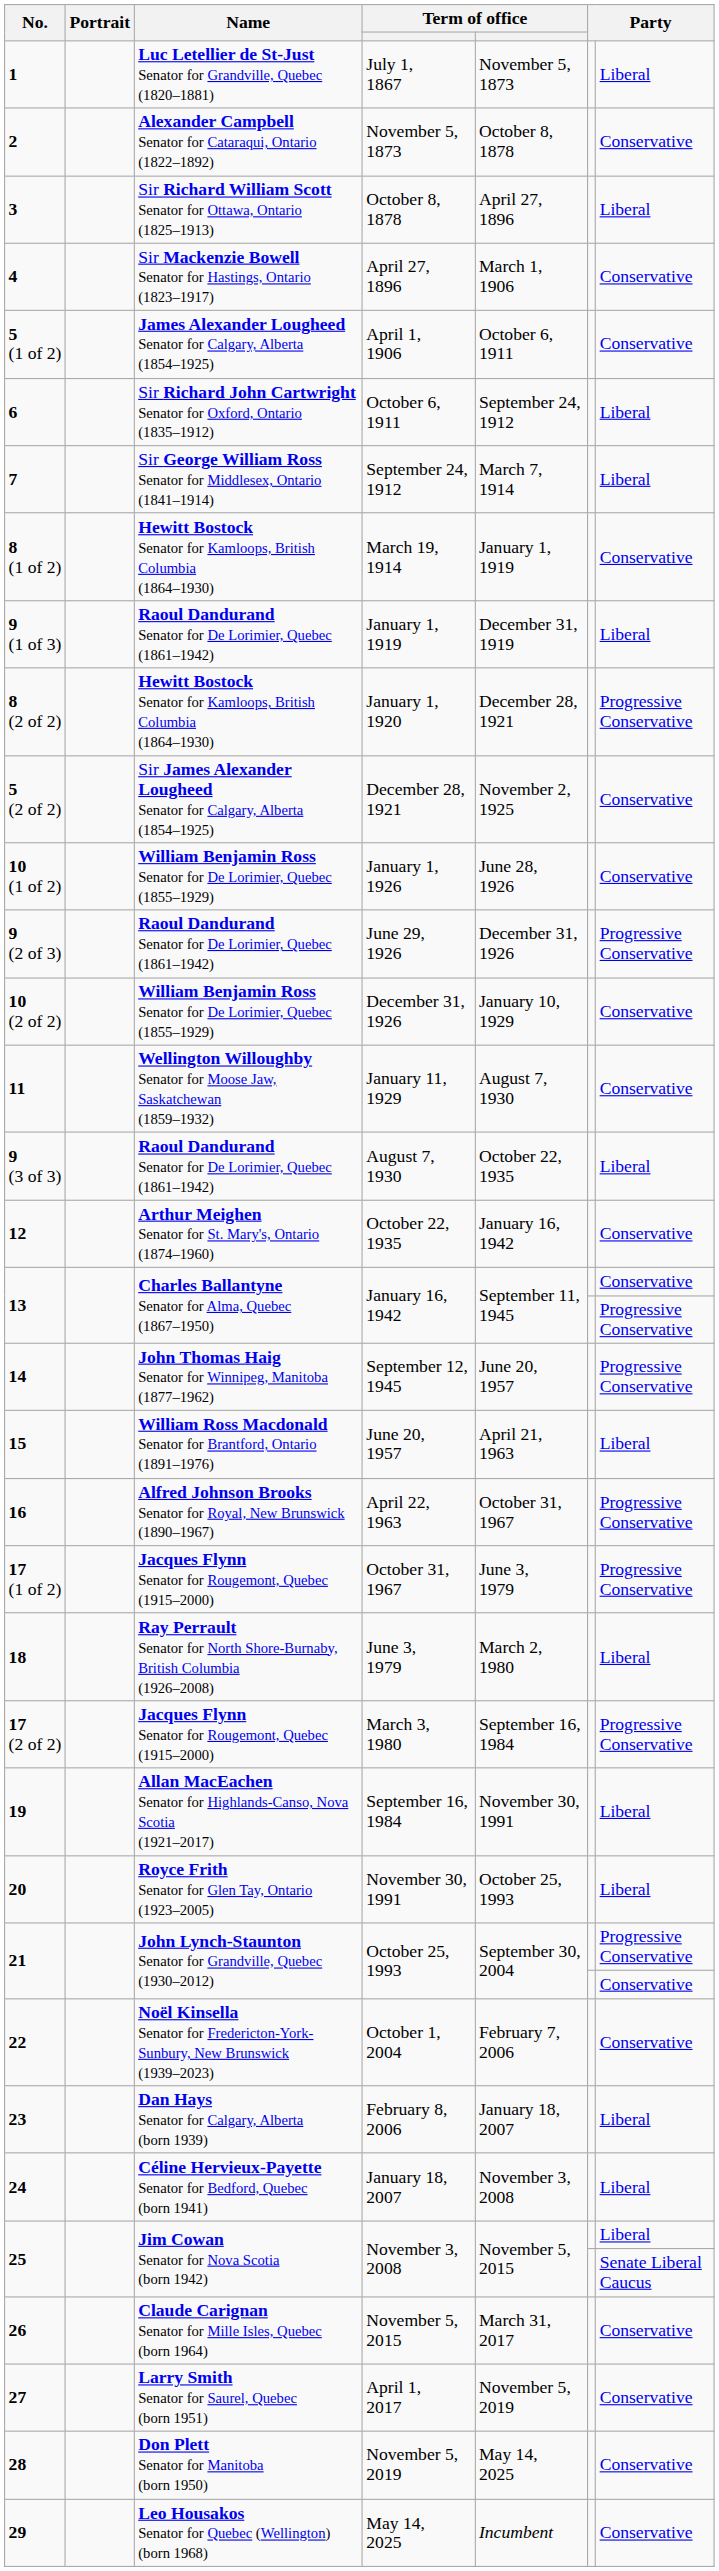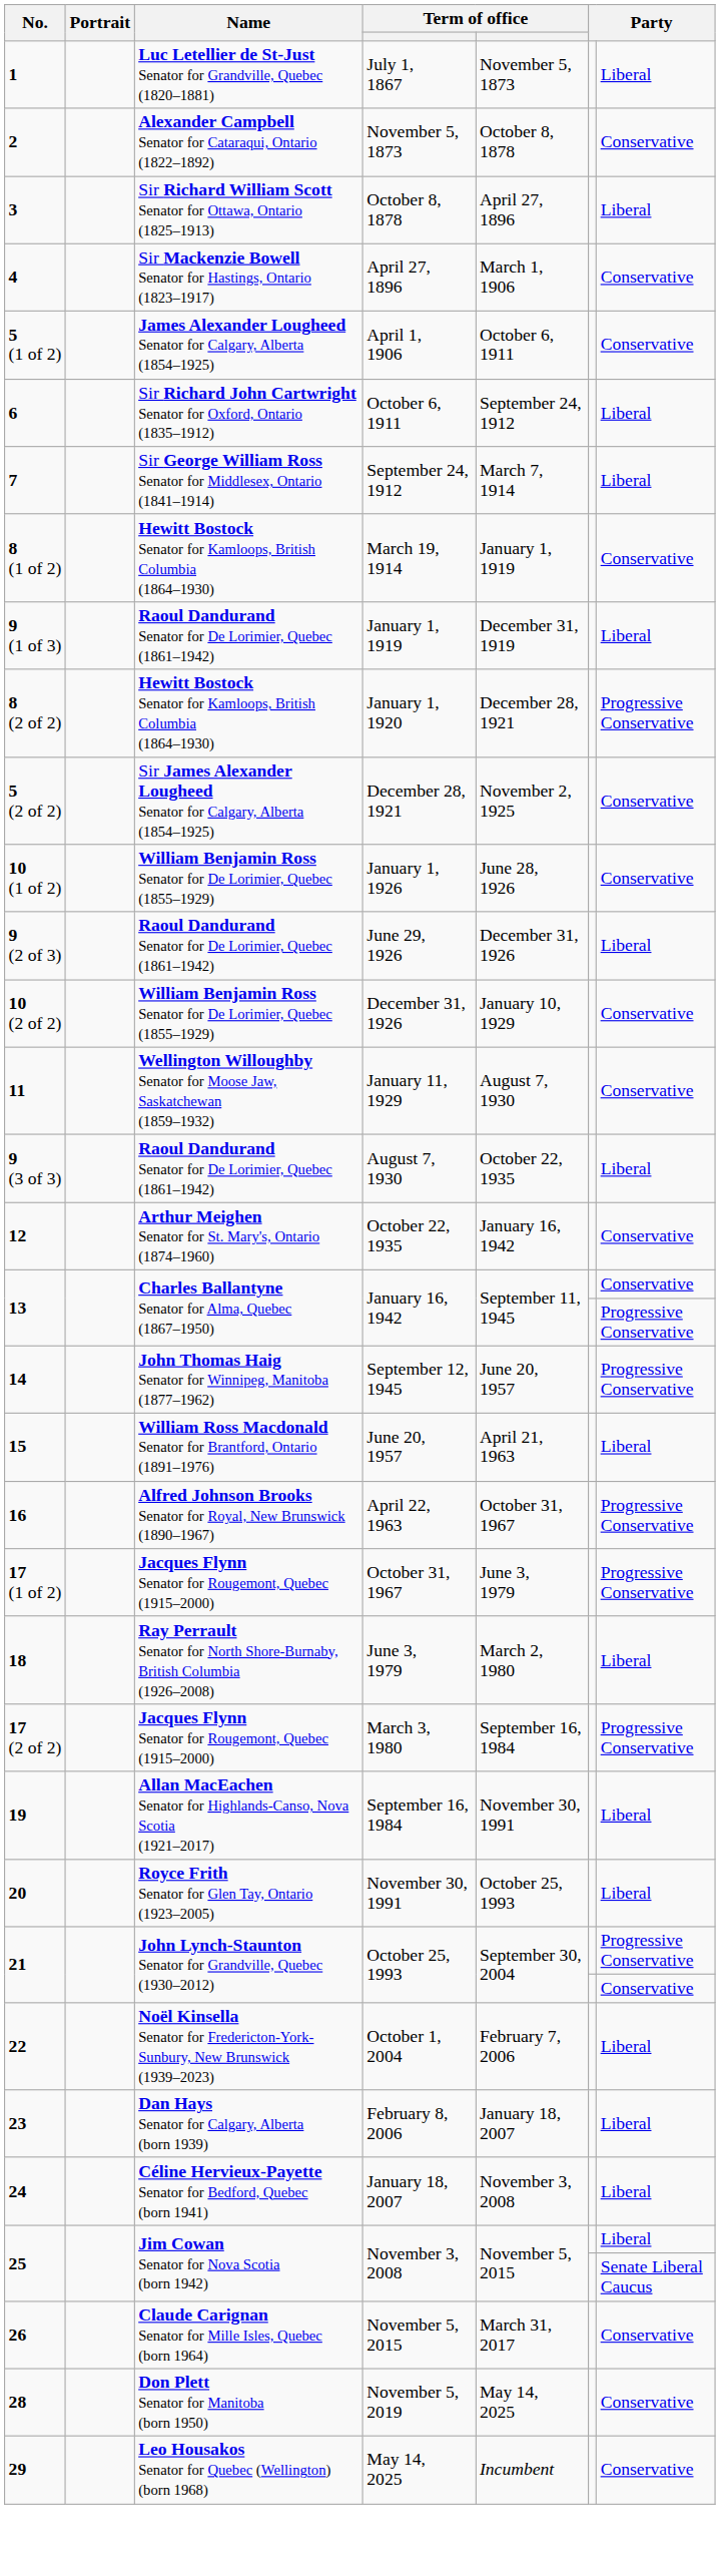 <table class="wikitable sortable sticky-header-multi" style=text-align:left" style="margin:1em auto;">
 <tr>
 <th rowspan="2">No.</th>
 <th rowspan="2">Portrait</th>
 <th rowspan="2" width="200px">Name<br></th>
 <th colspan="2">Term of office</th>
 <th colspan="2" rowspan="2">Party</th>
 </tr>
 <tr>
 <th width="95"></th>
 <th width="95"></th>
 </tr>
 <tr>
 <td><strong>1</strong></td>
 <td></td>
 <td><strong><a href='#'>Luc Letellier de St-Just</a></strong><br><small>Senator for <a href='#'>Grandville, Quebec</a></small><br><small>(1820–1881)</small></td>
 <td>July 1,<br>1867</td>
 <td>November 5,<br>1873</td>
 <td style="background:"></td>
 <td width="100px"><a href='#'>Liberal</a></td>
 </tr>
 <tr>
 <td><strong>2</strong></td>
 <td></td>
 <td><strong><a href='#'>Alexander Campbell</a></strong><br><small>Senator for <a href='#'>Cataraqui, Ontario</a></small><br><small>(1822–1892)</small></td>
 <td>November 5,<br>1873</td>
 <td>October 8,<br>1878</td>
 <td style="background:"></td>
 <td><a href='#'>Conservative</a></td>
 </tr>
 <tr>
 <td><strong>3</strong></td>
 <td></td>
 <td><a href='#'>Sir <strong>Richard William Scott</strong></a><br><small>Senator for <a href='#'>Ottawa, Ontario</a></small><br><small>(1825–1913)</small></td>
 <td>October 8,<br>1878</td>
 <td>April 27,<br>1896</td>
 <td style="background:"></td>
 <td><a href='#'>Liberal</a></td>
 </tr>
 <tr>
 <td><strong>4</strong></td>
 <td></td>
 <td><a href='#'>Sir <strong>Mackenzie Bowell</strong></a><br><small>Senator for <a href='#'>Hastings, Ontario</a></small><br><small>(1823–1917)</small></td>
 <td>April 27,<br>1896</td>
 <td>March 1,<br>1906</td>
 <td style="background:"></td>
 <td><a href='#'>Conservative</a></td>
 </tr>
 <tr>
 <td><strong>5</strong><br>(1 of 2)</td>
 <td></td>
 <td><strong><a href='#'>James Alexander Lougheed</a></strong><br><small>Senator for <a href='#'>Calgary, Alberta</a></small><br><small>(1854–1925)</small></td>
 <td>April 1,<br>1906</td>
 <td>October 6,<br>1911</td>
 <td style="background:"></td>
 <td><a href='#'>Conservative</a></td>
 </tr>
 <tr>
 <td><strong>6</strong></td>
 <td></td>
 <td><a href='#'>Sir <strong>Richard John Cartwright</strong></a><br><small>Senator for <a href='#'>Oxford, Ontario</a></small><br><small>(1835–1912)</small></td>
 <td>October 6,<br>1911</td>
 <td>September 24,<br>1912</td>
 <td style="background:"></td>
 <td><a href='#'>Liberal</a></td>
 </tr>
 <tr>
 <td><strong>7</strong></td>
 <td></td>
 <td><a href='#'>Sir <strong>George William Ross</strong></a><br><small>Senator for <a href='#'>Middlesex, Ontario</a></small><br><small>(1841–1914)</small></td>
 <td>September 24,<br>1912</td>
 <td>March 7,<br>1914</td>
 <td style="background:"></td>
 <td><a href='#'>Liberal</a></td>
 </tr>
 <tr>
 <td><strong>8</strong><br>(1 of 2)</td>
 <td></td>
 <td><strong><a href='#'>Hewitt Bostock</a></strong><br><small>Senator for <a href='#'>Kamloops, British Columbia</a></small><br><small>(1864–1930)</small></td>
 <td>March 19,<br>1914</td>
 <td>January 1,<br>1919</td>
 <td style="background:"></td>
 <td><a href='#'>Conservative</a></td>
 </tr>
 <tr>
 <td><strong>9</strong><br>(1 of 3)</td>
 <td></td>
 <td><strong><a href='#'>Raoul Dandurand</a></strong><br><small>Senator for <a href='#'>De Lorimier, Quebec</a></small><br><small>(1861–1942)</small></td>
 <td>January 1,<br>1919</td>
 <td>December 31,<br>1919</td>
 <td style="background:"></td>
 <td><a href='#'>Liberal</a></td>
 </tr>
 <tr>
 <td><strong>8</strong><br>(2 of 2)</td>
 <td></td>
 <td><strong><a href='#'>Hewitt Bostock</a></strong><br><small>Senator for <a href='#'>Kamloops, British Columbia</a></small><br><small>(1864–1930)</small></td>
 <td>January 1,<br>1920</td>
 <td>December 28,<br>1921</td>
 <td style="background:"></td>
 <td><a href='#'>Progressive Conservative</a></td>
 </tr>
 <tr>
 <td><strong>5</strong><br>(2 of 2)</td>
 <td></td>
 <td><a href='#'>Sir <strong>James Alexander Lougheed</strong></a><br><small>Senator for <a href='#'>Calgary, Alberta</a></small><br><small>(1854–1925)</small></td>
 <td>December 28,<br>1921</td>
 <td>November 2,<br>1925</td>
 <td style="background:"></td>
 <td><a href='#'>Conservative</a></td>
 </tr>
 <tr>
 <td><strong>10</strong><br>(1 of 2)</td>
 <td></td>
 <td><strong><a href='#'>William Benjamin Ross</a></strong><br><small>Senator for <a href='#'>De Lorimier, Quebec</a></small><br><small>(1855–1929)</small></td>
 <td>January 1,<br>1926</td>
 <td>June 28,<br>1926</td>
 <td style="background:"></td>
 <td><a href='#'>Conservative</a></td>
 </tr>
 <tr>
 <td><strong>9</strong><br>(2 of 3)</td>
 <td></td>
 <td><strong><a href='#'>Raoul Dandurand</a></strong><br><small>Senator for <a href='#'>De Lorimier, Quebec</a></small><br><small>(1861–1942)</small></td>
 <td>June 29,<br>1926</td>
 <td>December 31,<br>1926</td>
 <td style="background:"></td>
-<td><a href='#'>Progressive Conservative</a></td>
+<td><a href='#'>Liberal</a></td>
 </tr>
 <tr>
 <td><strong>10</strong><br>(2 of 2)</td>
 <td></td>
 <td><strong><a href='#'>William Benjamin Ross</a></strong><br><small>Senator for <a href='#'>De Lorimier, Quebec</a></small><br><small>(1855–1929)</small></td>
 <td>December 31,<br>1926</td>
 <td>January 10,<br>1929</td>
 <td style="background:"></td>
 <td><a href='#'>Conservative</a></td>
 </tr>
 <tr>
 <td><strong>11</strong></td>
 <td></td>
 <td><strong><a href='#'>Wellington Willoughby</a></strong><br><small>Senator for <a href='#'>Moose Jaw, Saskatchewan</a></small><br><small>(1859–1932)</small></td>
 <td>January 11,<br>1929</td>
 <td>August 7,<br>1930</td>
 <td style="background:"></td>
 <td><a href='#'>Conservative</a></td>
 </tr>
 <tr>
 <td><strong>9</strong><br>(3 of 3)</td>
 <td></td>
 <td><strong><a href='#'>Raoul Dandurand</a></strong><br><small>Senator for <a href='#'>De Lorimier, Quebec</a></small><br><small>(1861–1942)</small></td>
 <td>August 7,<br>1930</td>
 <td>October 22,<br>1935</td>
 <td style="background:"></td>
 <td><a href='#'>Liberal</a></td>
 </tr>
 <tr>
 <td><strong>12</strong></td>
 <td></td>
 <td><strong><a href='#'>Arthur Meighen</a></strong><br><small>Senator for <a href='#'>St. Mary's, Ontario</a></small><br><small>(1874–1960)</small></td>
 <td>October 22,<br>1935</td>
 <td>January 16,<br>1942</td>
 <td style="background:"></td>
 <td><a href='#'>Conservative</a></td>
 </tr>
 <tr>
 <td rowspan="2"><strong>13</strong></td>
 <td rowspan="2"></td>
 <td rowspan="2"><strong><a href='#'>Charles Ballantyne</a></strong><br><small>Senator for <a href='#'>Alma, Quebec</a></small><br><small>(1867–1950)</small></td>
 <td rowspan="2">January 16,<br>1942</td>
 <td rowspan="2">September 11,<br>1945</td>
 <td style="background:"></td>
 <td><a href='#'>Conservative</a></td>
 </tr>
 <tr>
 <td style="background:"></td>
 <td><a href='#'>Progressive Conservative</a></td>
 </tr>
 <tr>
 <td><strong>14</strong></td>
 <td></td>
 <td><strong><a href='#'>John Thomas Haig</a></strong><br><small>Senator for <a href='#'>Winnipeg, Manitoba</a></small><br><small>(1877–1962)</small></td>
 <td>September 12,<br>1945</td>
 <td>June 20,<br>1957</td>
 <td style="background:"></td>
 <td><a href='#'>Progressive Conservative</a></td>
 </tr>
 <tr>
 <td><strong>15</strong></td>
 <td></td>
 <td><strong><a href='#'>William Ross Macdonald</a></strong><br><small>Senator for <a href='#'>Brantford, Ontario</a></small><br><small>(1891–1976)</small></td>
 <td>June 20,<br>1957</td>
 <td>April 21,<br>1963</td>
 <td style="background:"></td>
 <td><a href='#'>Liberal</a></td>
 </tr>
 <tr>
 <td><strong>16</strong></td>
 <td></td>
 <td><strong><a href='#'>Alfred Johnson Brooks</a></strong><br><small>Senator for <a href='#'>Royal, New Brunswick</a></small><br><small>(1890–1967)</small></td>
 <td>April 22,<br>1963</td>
 <td>October 31,<br>1967</td>
 <td style="background:"></td>
 <td><a href='#'>Progressive Conservative</a></td>
 </tr>
 <tr>
 <td><strong>17</strong><br>(1 of 2)</td>
 <td></td>
 <td><strong><a href='#'>Jacques Flynn</a></strong><br><small>Senator for <a href='#'>Rougemont, Quebec</a></small><br><small>(1915–2000)</small></td>
 <td>October 31,<br>1967</td>
 <td>June 3,<br>1979</td>
 <td style="background:"></td>
 <td><a href='#'>Progressive Conservative</a></td>
 </tr>
 <tr>
 <td><strong>18</strong></td>
 <td></td>
 <td><strong><a href='#'>Ray Perrault</a></strong><br><small>Senator for <a href='#'>North Shore-Burnaby, British Columbia</a></small><br><small>(1926–2008)</small></td>
 <td>June 3,<br>1979</td>
 <td>March 2,<br>1980</td>
 <td style="background:"></td>
 <td><a href='#'>Liberal</a></td>
 </tr>
 <tr>
 <td><strong>17</strong><br>(2 of 2)</td>
 <td></td>
 <td><strong><a href='#'>Jacques Flynn</a></strong><br><small>Senator for <a href='#'>Rougemont, Quebec</a></small><br><small>(1915–2000)</small></td>
 <td>March 3,<br>1980</td>
 <td>September 16,<br>1984</td>
 <td style="background:"></td>
 <td><a href='#'>Progressive Conservative</a></td>
 </tr>
 <tr>
 <td><strong>19</strong></td>
 <td></td>
 <td><strong><a href='#'>Allan MacEachen</a></strong><br><small>Senator for <a href='#'>Highlands-Canso, Nova Scotia</a></small><br><small>(1921–2017)</small></td>
 <td>September 16,<br>1984</td>
 <td>November 30,<br>1991</td>
 <td style="background:"></td>
 <td><a href='#'>Liberal</a></td>
 </tr>
 <tr>
 <td><strong>20</strong></td>
 <td></td>
 <td><strong><a href='#'>Royce Frith</a></strong><br><small>Senator for <a href='#'>Glen Tay, Ontario</a></small><br><small>(1923–2005)</small></td>
 <td>November 30,<br>1991</td>
 <td>October 25,<br>1993</td>
 <td style="background:"></td>
 <td><a href='#'>Liberal</a></td>
 </tr>
 <tr>
 <td rowspan="2"><strong>21</strong></td>
 <td rowspan="2"></td>
 <td rowspan="2"><strong><a href='#'>John Lynch-Staunton</a></strong><br><small>Senator for <a href='#'>Grandville, Quebec</a></small><br><small>(1930–2012)</small></td>
 <td rowspan="2">October 25,<br>1993</td>
 <td rowspan="2">September 30,<br>2004</td>
 <td style="background:"></td>
 <td><a href='#'>Progressive Conservative</a></td>
 </tr>
 <tr>
 <td style="background:"></td>
 <td><a href='#'>Conservative</a></td>
 </tr>
 <tr>
 <td><strong>22</strong></td>
 <td></td>
 <td><strong><a href='#'>Noël Kinsella</a></strong><br><small>Senator for <a href='#'>Fredericton-York-Sunbury, New Brunswick</a></small><br><small>(1939–2023)</small></td>
 <td>October 1,<br>2004</td>
 <td>February 7,<br>2006</td>
 <td style="background:"></td>
-<td><a href='#'>Conservative</a></td>
+<td><a href='#'>Liberal</a></td>
 </tr>
 <tr>
 <td><strong>23</strong></td>
 <td></td>
 <td><strong><a href='#'>Dan Hays</a></strong><br><small>Senator for <a href='#'>Calgary, Alberta</a></small><br><small>(born 1939)</small></td>
 <td>February 8,<br>2006</td>
 <td>January 18,<br>2007</td>
 <td style="background:"></td>
 <td><a href='#'>Liberal</a></td>
 </tr>
 <tr>
 <td><strong>24</strong></td>
 <td></td>
 <td><strong><a href='#'>Céline Hervieux-Payette</a></strong><br><small>Senator for <a href='#'>Bedford, Quebec</a></small><br><small>(born 1941)</small></td>
 <td>January 18,<br>2007</td>
 <td>November 3,<br>2008</td>
 <td style="background:"></td>
 <td><a href='#'>Liberal</a></td>
 </tr>
 <tr>
 <td rowspan="2"><strong>25</strong></td>
 <td rowspan="2"></td>
 <td rowspan="2"><strong><a href='#'>Jim Cowan</a></strong><br><small>Senator for <a href='#'>Nova Scotia</a></small><br><small>(born 1942)</small></td>
 <td rowspan="2">November 3,<br>2008</td>
 <td rowspan="2">November 5,<br>2015</td>
 <td style="background:"></td>
 <td><a href='#'>Liberal</a></td>
 </tr>
 <tr>
 <td style="background:"></td>
 <td><a href='#'>Senate Liberal Caucus</a></td>
 </tr>
 <tr>
 <td><strong>26</strong></td>
 <td></td>
 <td><strong><a href='#'>Claude Carignan</a></strong><br><small>Senator for <a href='#'>Mille Isles, Quebec</a></small><br><small>(born 1964)</small></td>
 <td>November 5,<br>2015</td>
 <td>March 31,<br>2017</td>
 <td style="background:"></td>
 <td><a href='#'>Conservative</a></td>
 </tr>
 <tr>
-<td><strong>27</strong></td>
-<td></td>
-<td><a href='#'><strong>Larry Smith</strong></a><br><small>Senator for <a href='#'>Saurel, Quebec</a></small><br><small>(born 1951)</small></td>
-<td>April 1,<br>2017</td>
-<td>November 5,<br>2019</td>
-<td style="background:"></td>
-<td><a href='#'>Conservative</a></td>
-</tr>
-<tr>
 <td><strong>28</strong></td>
 <td></td>
 <td><strong><a href='#'>Don Plett</a></strong><br><small>Senator for <a href='#'>Manitoba</a></small><br><small>(born 1950)</small></td>
 <td>November 5,<br>2019</td>
 <td>May 14,<br>2025</td>
 <td style="background:"></td>
 <td><a href='#'>Conservative</a></td>
 </tr>
 <tr>
 <td><strong>29</strong></td>
 <td></td>
 <td><strong><a href='#'>Leo Housakos</a></strong><br><small>Senator for <a href='#'>Quebec</a> (<a href='#'>Wellington</a>)</small><br><small>(born 1968)</small></td>
 <td>May 14,<br>2025</td>
 <td><em>Incumbent</em></td>
 <td style="background:"></td>
 <td><a href='#'>Conservative</a></td>
 </tr>
 </table>
